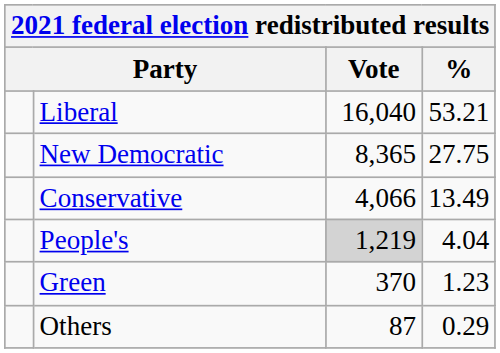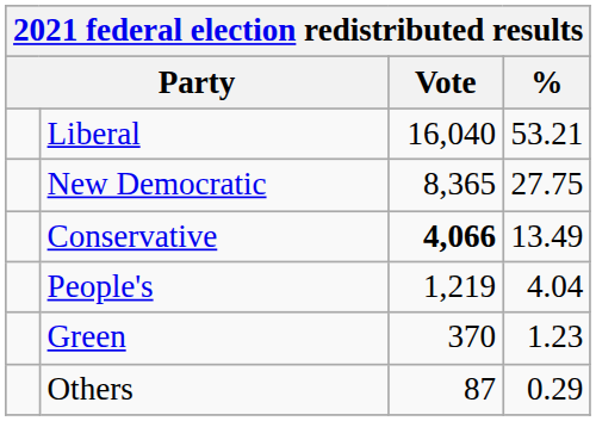 <table class="wikitable">
 <tr>
 <th colspan="4"><a href='#'>2021 federal election</a> redistributed results</th>
 </tr>
 <tr>
 <th bgcolor="#DDDDFF" width="130px" colspan="2">Party</th>
 <th bgcolor="#DDDDFF" width="50px">Vote</th>
 <th bgcolor="#DDDDFF" width="30px">%</th>
 </tr>
 <tr>
 <td> </td>
 <td><a href='#'>Liberal</a></td>
 <td align=right>16,040</td>
 <td align=right>53.21</td>
 </tr>
 <tr>
 <td> </td>
 <td><a href='#'>New Democratic</a></td>
 <td align=right>8,365</td>
 <td align=right>27.75</td>
 </tr>
 <tr>
 <td> </td>
 <td><a href='#'>Conservative</a></td>
-<td align=right>4,066</td>
+<td align=right><strong>4,066</strong></td>
 <td align=right>13.49</td>
 </tr>
 <tr>
 <td> </td>
 <td><a href='#'>People's</a></td>
-<td align=right style="background: lightgrey;">1,219</td>
+<td align=right>1,219</td>
 <td align=right>4.04</td>
 </tr>
 <tr>
 <td> </td>
 <td><a href='#'>Green</a></td>
 <td align=right>370</td>
 <td align=right>1.23</td>
 </tr>
 <tr>
 <td> </td>
 <td>Others</td>
 <td align=right>87</td>
 <td align=right>0.29</td>
 </tr>
 </table>
